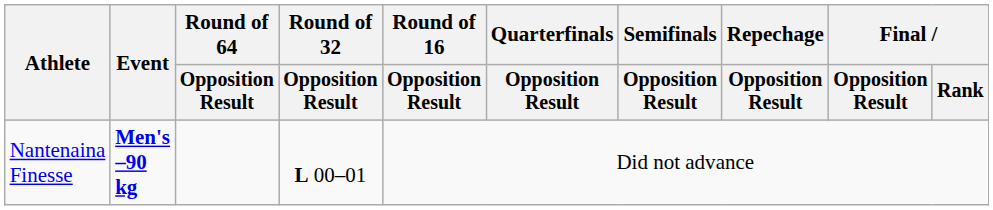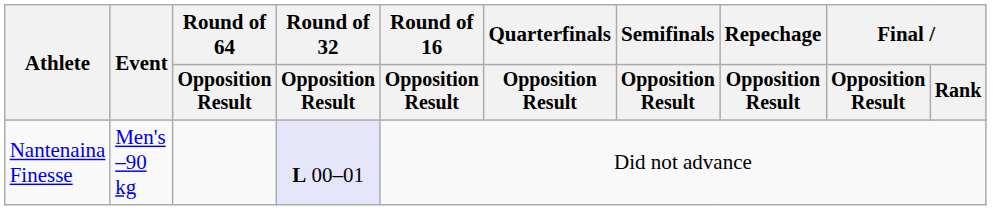 <table class="wikitable" style="font-size:90%">
 <tr>
 <th rowspan="2">Athlete</th>
 <th rowspan="2">Event</th>
 <th>Round of 64</th>
 <th>Round of 32</th>
 <th>Round of 16</th>
 <th>Quarterfinals</th>
 <th>Semifinals</th>
 <th>Repechage</th>
 <th colspan=2>Final / </th>
 </tr>
 <tr style="font-size:95%">
 <th>Opposition<br>Result</th>
 <th>Opposition<br>Result</th>
 <th>Opposition<br>Result</th>
 <th>Opposition<br>Result</th>
 <th>Opposition<br>Result</th>
 <th>Opposition<br>Result</th>
 <th>Opposition<br>Result</th>
 <th>Rank</th>
 </tr>
 <tr align=center>
 <td align=left><a href='#'>Nantenaina Finesse</a></td>
-<td align=left><strong><a href='#'>Men's –90 kg</a></strong></td>
+<td align=left><a href='#'>Men's –90 kg</a></td>
 <td></td>
-<td><br><strong>L</strong> 00–01</td>
+<td style="background: lavender;"><br><strong>L</strong> 00–01</td>
 <td colspan=6>Did not advance</td>
 </tr>
 </table>
